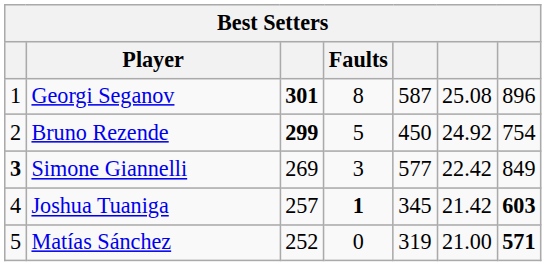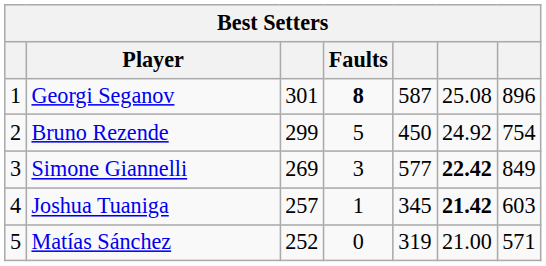 <table class="wikitable sortable" style=font-size:90%>
 <tr>
 <th colspan=7>Best Setters</th>
 </tr>
 <tr>
 <th></th>
 <th width=158>Player</th>
 <th width=20></th>
 <th width=20>Faults</th>
 <th width=20></th>
 <th width=20></th>
 <th width=20></th>
 </tr>
 <tr>
 <td>1</td>
 <td> <a href='#'>Georgi Seganov</a></td>
-<td align=center><strong>301</strong></td>
-<td align=center>8</td>
+<td align=center>301</td>
+<td align=center><strong>8</strong></td>
 <td align=center>587</td>
 <td align=center>25.08</td>
 <td align=center>896</td>
 </tr>
 <tr>
 <td>2</td>
 <td> <a href='#'>Bruno Rezende</a></td>
-<td align=center><strong>299</strong></td>
+<td align=center>299</td>
 <td align=center>5</td>
 <td align=center>450</td>
 <td align=center>24.92</td>
 <td align=center>754</td>
 </tr>
 <tr>
-<td><strong>3</strong></td>
+<td>3</td>
 <td> <a href='#'>Simone Giannelli</a></td>
 <td align=center>269</td>
 <td align=center>3</td>
 <td align=center>577</td>
-<td align=center>22.42</td>
+<td align=center><strong>22.42</strong></td>
 <td align=center>849</td>
 </tr>
 <tr>
 <td>4</td>
 <td> <a href='#'>Joshua Tuaniga</a></td>
 <td align=center>257</td>
-<td align=center><strong>1</strong></td>
+<td align=center>1</td>
 <td align=center>345</td>
-<td align=center>21.42</td>
-<td align=center><strong>603</strong></td>
+<td align=center><strong>21.42</strong></td>
+<td align=center>603</td>
 </tr>
 <tr>
 <td>5</td>
 <td> <a href='#'>Matías Sánchez</a></td>
 <td align=center>252</td>
 <td align=center>0</td>
 <td align=center>319</td>
 <td align=center>21.00</td>
-<td align=center><strong>571</strong></td>
+<td align=center>571</td>
 </tr>
 </table>
